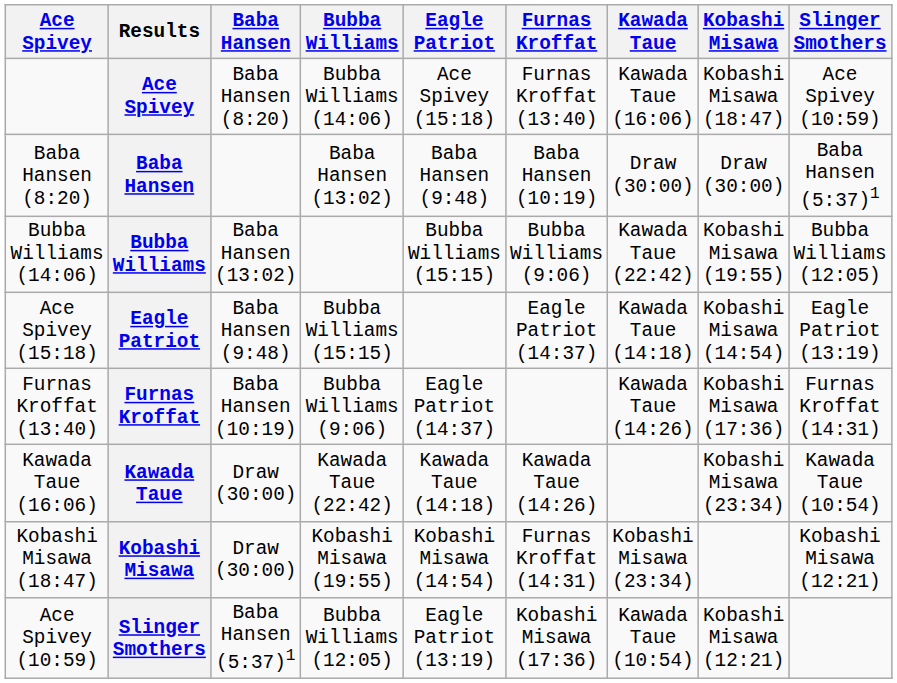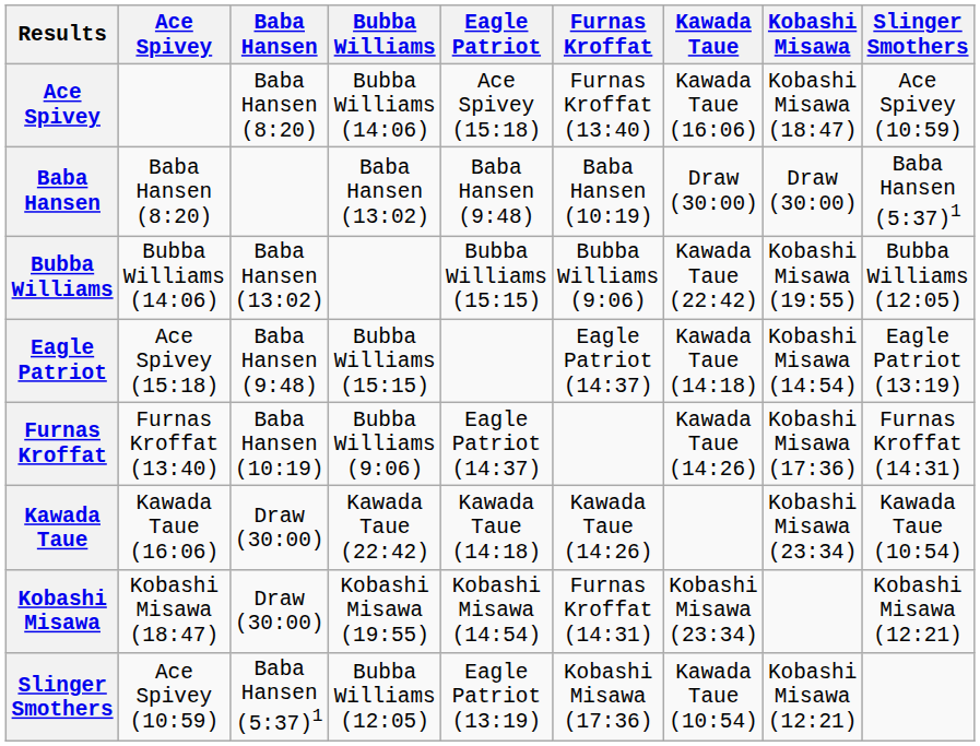 <table class="wikitable" style="text-align:center; margin: 1em auto 1em auto">
 <tr>
+<th>Results</th>
 <th><a href='#'>Ace</a><br><a href='#'>Spivey</a></th>
-<th>Results</th>
 <th><a href='#'>Baba</a><br><a href='#'>Hansen</a></th>
 <th><a href='#'>Bubba</a><br><a href='#'>Williams</a></th>
 <th><a href='#'>Eagle</a><br><a href='#'>Patriot</a></th>
 <th><a href='#'>Furnas</a><br><a href='#'>Kroffat</a></th>
 <th><a href='#'>Kawada</a><br><a href='#'>Taue</a></th>
 <th><a href='#'>Kobashi</a><br><a href='#'>Misawa</a></th>
 <th><a href='#'>Slinger</a><br><a href='#'>Smothers</a></th>
 </tr>
 <tr>
+<th><a href='#'>Ace</a><br><a href='#'>Spivey</a></th>
 <td></td>
-<th><a href='#'>Ace</a><br><a href='#'>Spivey</a></th>
 <td>Baba<br>Hansen<br>(8:20)</td>
 <td>Bubba<br>Williams<br>(14:06)</td>
 <td>Ace<br>Spivey<br>(15:18)</td>
 <td>Furnas<br>Kroffat<br>(13:40)</td>
 <td>Kawada<br>Taue<br>(16:06)</td>
 <td>Kobashi<br>Misawa<br>(18:47)</td>
 <td>Ace<br>Spivey<br>(10:59)</td>
 </tr>
 <tr>
+<th><a href='#'>Baba</a><br><a href='#'>Hansen</a></th>
 <td>Baba<br>Hansen<br>(8:20)</td>
-<th><a href='#'>Baba</a><br><a href='#'>Hansen</a></th>
 <td></td>
 <td>Baba<br>Hansen<br>(13:02)</td>
 <td>Baba<br>Hansen<br>(9:48)</td>
 <td>Baba<br>Hansen<br>(10:19)</td>
 <td>Draw<br>(30:00)</td>
 <td>Draw<br>(30:00)</td>
 <td>Baba<br>Hansen<br>(5:37)<sup>1</sup></td>
 </tr>
 <tr>
+<th><a href='#'>Bubba</a><br><a href='#'>Williams</a></th>
 <td>Bubba<br>Williams<br>(14:06)</td>
-<th><a href='#'>Bubba</a><br><a href='#'>Williams</a></th>
 <td>Baba<br>Hansen<br>(13:02)</td>
 <td></td>
 <td>Bubba<br>Williams<br>(15:15)</td>
 <td>Bubba<br>Williams<br>(9:06)</td>
 <td>Kawada<br>Taue<br>(22:42)</td>
 <td>Kobashi<br>Misawa<br>(19:55)</td>
 <td>Bubba<br>Williams<br>(12:05)</td>
 </tr>
 <tr>
+<th><a href='#'>Eagle</a><br><a href='#'>Patriot</a></th>
 <td>Ace<br>Spivey<br>(15:18)</td>
-<th><a href='#'>Eagle</a><br><a href='#'>Patriot</a></th>
 <td>Baba<br>Hansen<br>(9:48)</td>
 <td>Bubba<br>Williams<br>(15:15)</td>
 <td></td>
 <td>Eagle<br>Patriot<br>(14:37)</td>
 <td>Kawada<br>Taue<br>(14:18)</td>
 <td>Kobashi<br>Misawa<br>(14:54)</td>
 <td>Eagle<br>Patriot<br>(13:19)</td>
 </tr>
 <tr>
+<th><a href='#'>Furnas</a><br><a href='#'>Kroffat</a></th>
 <td>Furnas<br>Kroffat<br>(13:40)</td>
-<th><a href='#'>Furnas</a><br><a href='#'>Kroffat</a></th>
 <td>Baba<br>Hansen<br>(10:19)</td>
 <td>Bubba<br>Williams<br>(9:06)</td>
 <td>Eagle<br>Patriot<br>(14:37)</td>
 <td></td>
 <td>Kawada<br>Taue<br>(14:26)</td>
 <td>Kobashi<br>Misawa<br>(17:36)</td>
 <td>Furnas<br>Kroffat<br>(14:31)</td>
 </tr>
 <tr>
+<th><a href='#'>Kawada</a><br><a href='#'>Taue</a></th>
 <td>Kawada<br>Taue<br>(16:06)</td>
-<th><a href='#'>Kawada</a><br><a href='#'>Taue</a></th>
 <td>Draw<br>(30:00)</td>
 <td>Kawada<br>Taue<br>(22:42)</td>
 <td>Kawada<br>Taue<br>(14:18)</td>
 <td>Kawada<br>Taue<br>(14:26)</td>
 <td></td>
 <td>Kobashi<br>Misawa<br>(23:34)</td>
 <td>Kawada<br>Taue<br>(10:54)</td>
 </tr>
 <tr>
+<th><a href='#'>Kobashi</a><br><a href='#'>Misawa</a></th>
 <td>Kobashi<br>Misawa<br>(18:47)</td>
-<th><a href='#'>Kobashi</a><br><a href='#'>Misawa</a></th>
 <td>Draw<br>(30:00)</td>
 <td>Kobashi<br>Misawa<br>(19:55)</td>
 <td>Kobashi<br>Misawa<br>(14:54)</td>
 <td>Furnas<br>Kroffat<br>(14:31)</td>
 <td>Kobashi<br>Misawa<br>(23:34)</td>
 <td></td>
 <td>Kobashi<br>Misawa<br>(12:21)</td>
 </tr>
 <tr>
+<th><a href='#'>Slinger</a><br><a href='#'>Smothers</a></th>
 <td>Ace<br>Spivey<br>(10:59)</td>
-<th><a href='#'>Slinger</a><br><a href='#'>Smothers</a></th>
 <td>Baba<br>Hansen<br>(5:37)<sup>1</sup></td>
 <td>Bubba<br>Williams<br>(12:05)</td>
 <td>Eagle<br>Patriot<br>(13:19)</td>
 <td>Kobashi<br>Misawa<br>(17:36)</td>
 <td>Kawada<br>Taue<br>(10:54)</td>
 <td>Kobashi<br>Misawa<br>(12:21)</td>
 <td></td>
 </tr>
 </table>
